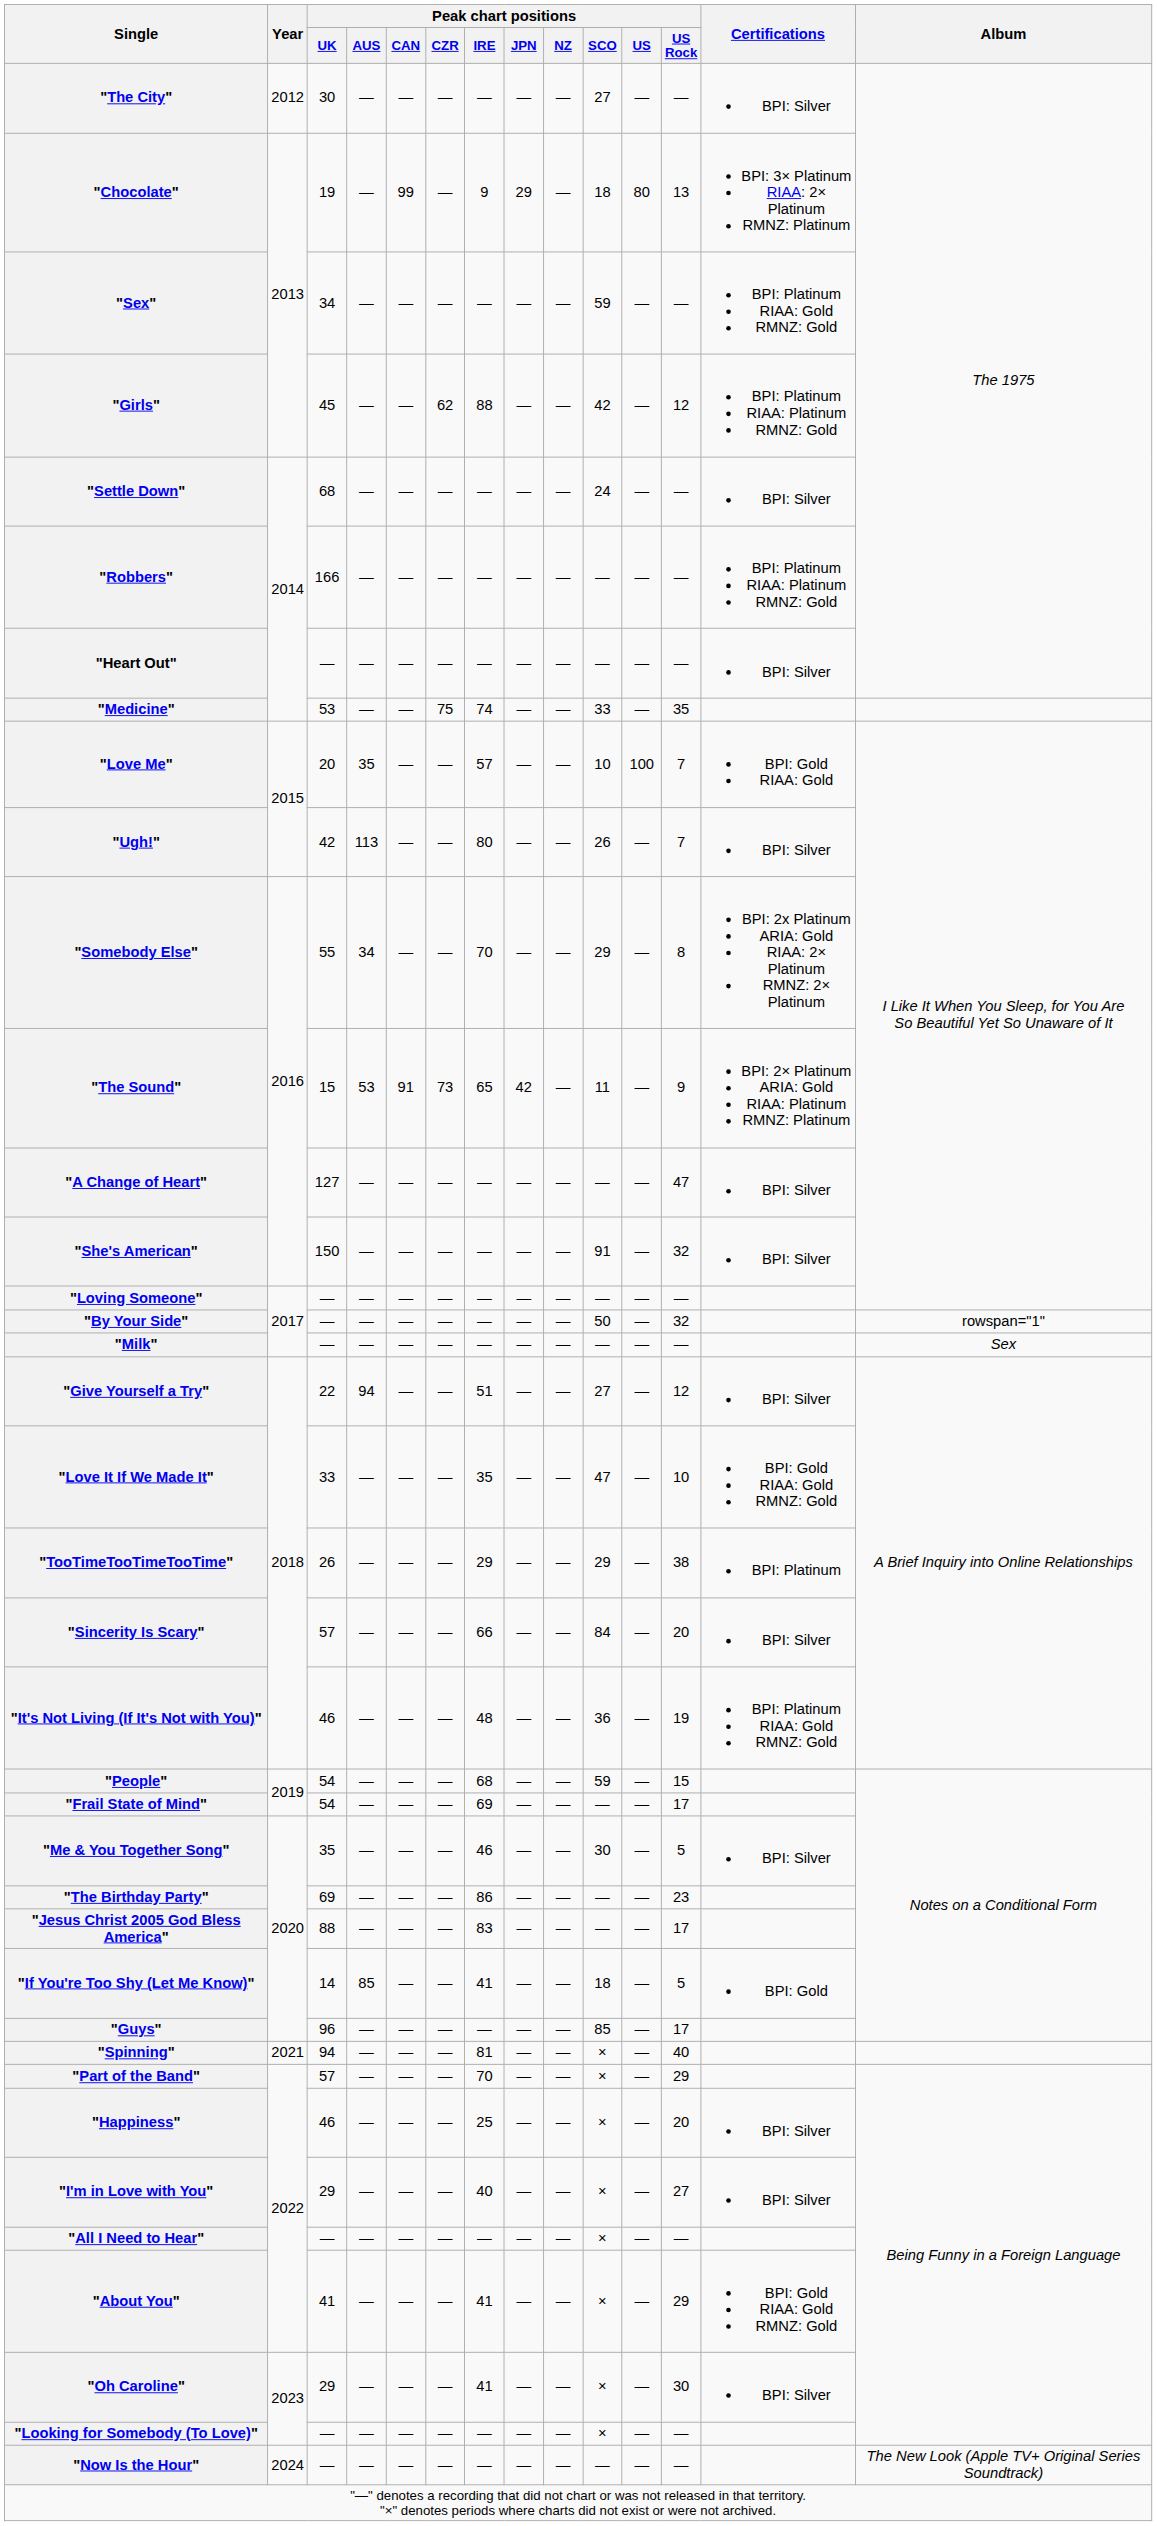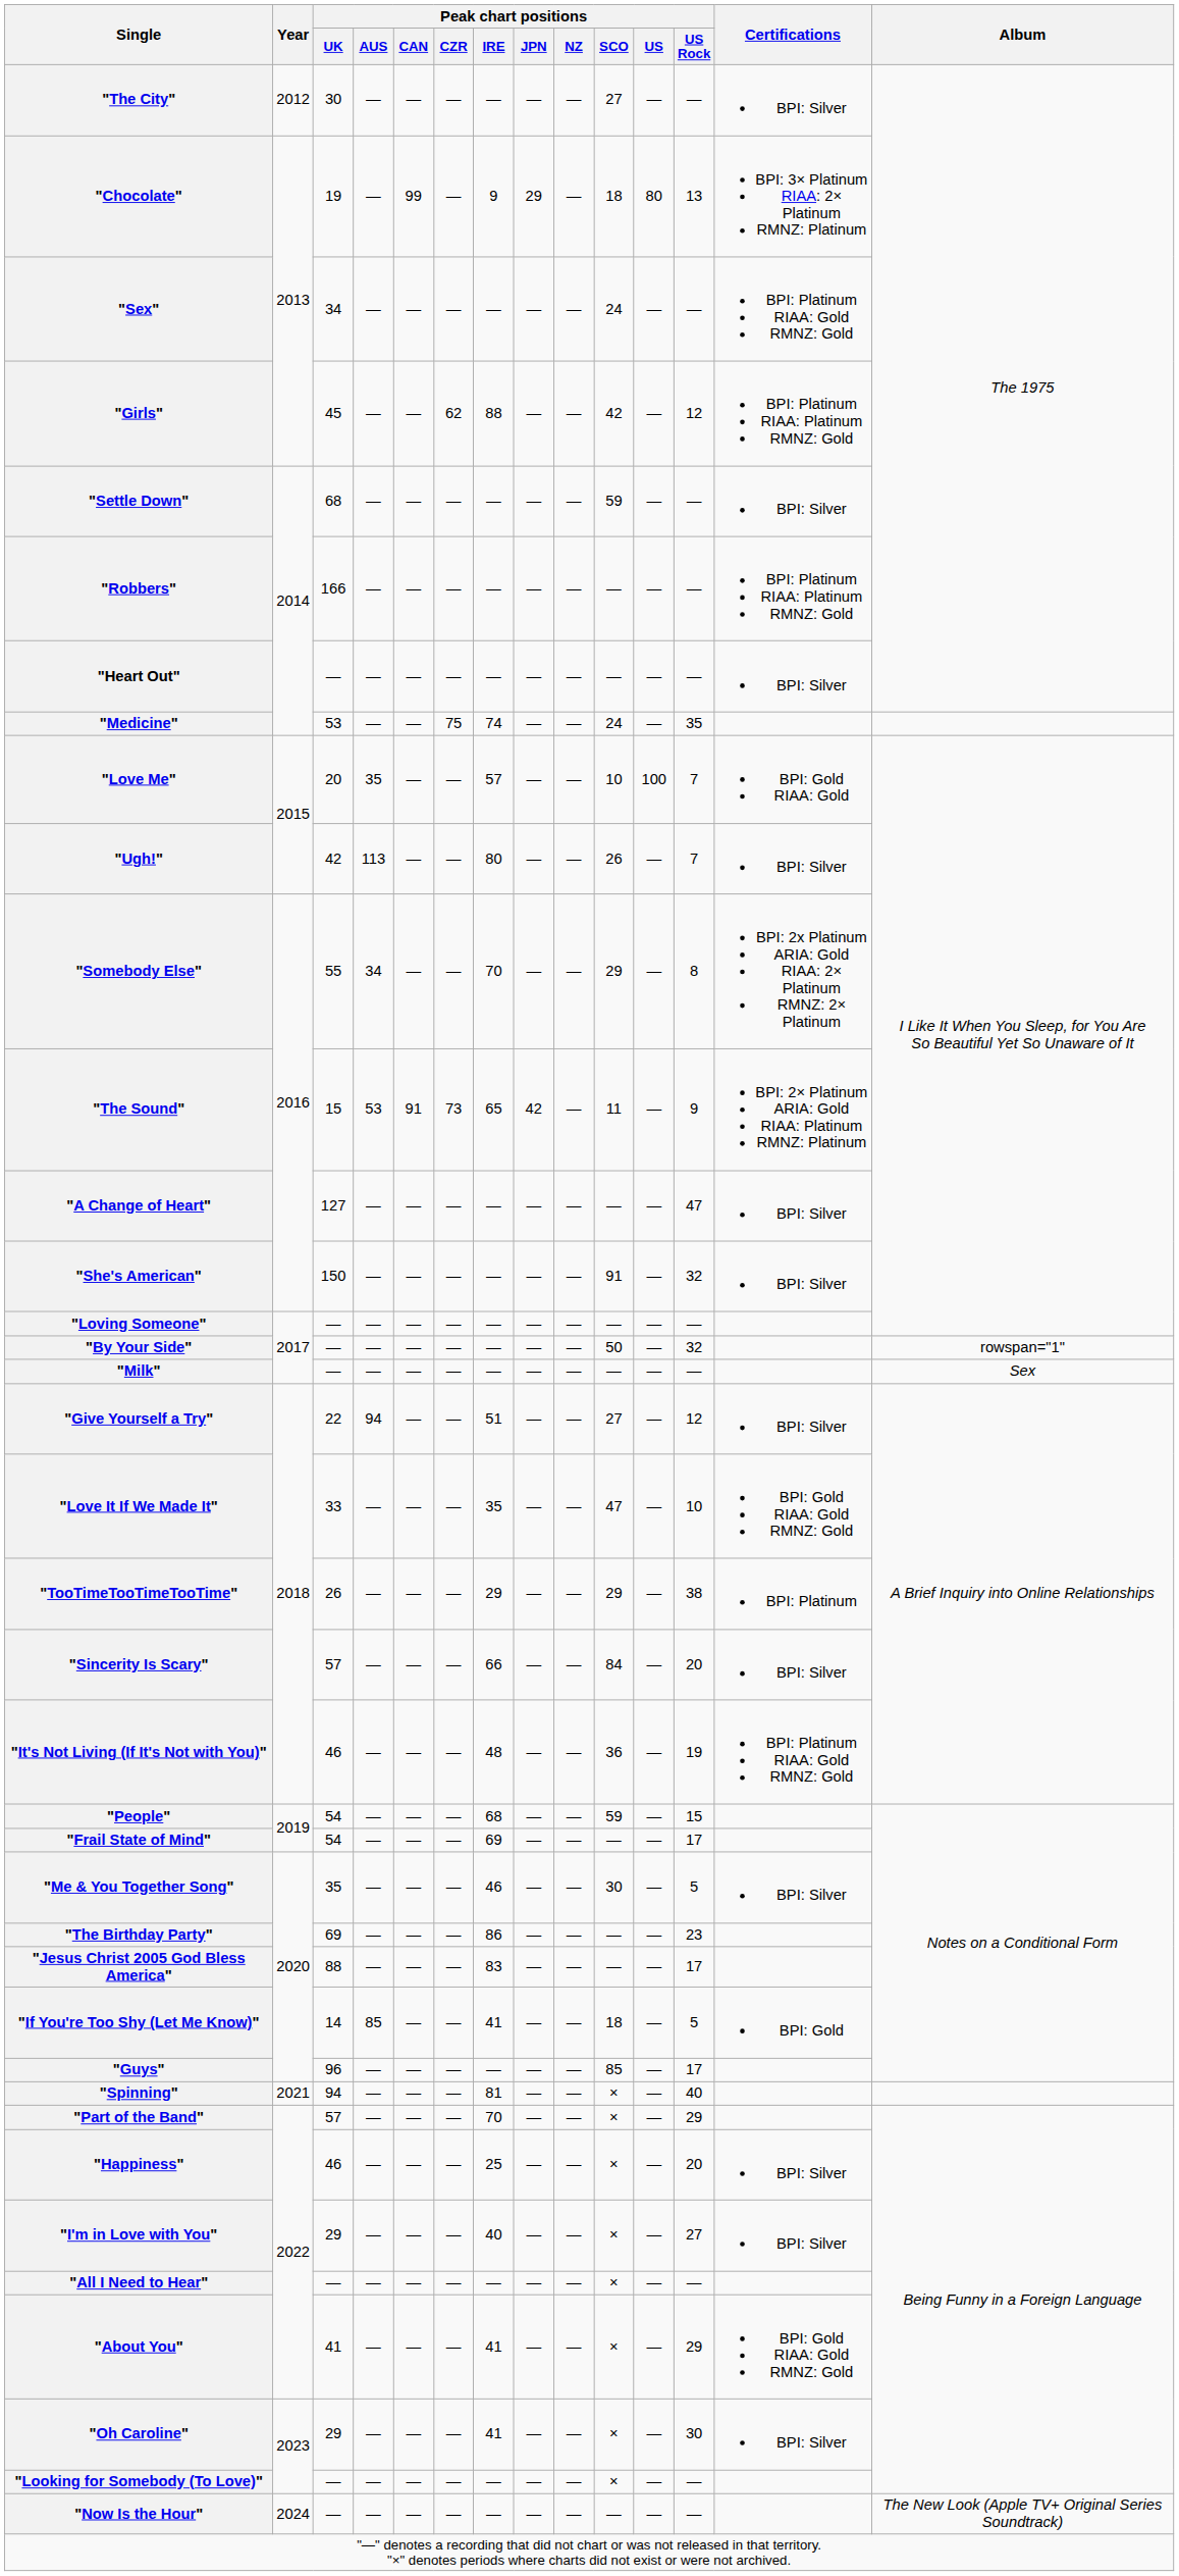 <table class="wikitable plainrowheaders" style="text-align:center;">
 <tr>
 <th scope="col" rowspan="2">Single</th>
 <th scope="col" rowspan="2">Year</th>
 <th scope="col" colspan="10">Peak chart positions</th>
 <th scope="col" rowspan="2"><a href='#'>Certifications</a></th>
 <th scope="col" rowspan="2">Album</th>
 </tr>
 <tr>
 <th scope="col" style="width:2.5em;font-size:90%;"><a href='#'>UK</a><br></th>
 <th scope="col" style="width:2.5em;font-size:90%;"><a href='#'>AUS</a><br></th>
 <th scope="col" style="width:2.5em;font-size:90%;"><a href='#'>CAN</a><br></th>
 <th scope="col" style="width:2.5em;font-size:90%;"><a href='#'>CZR</a><br></th>
 <th scope="col" style="width:2.5em;font-size:90%;"><a href='#'>IRE</a><br></th>
 <th scope="col" style="width:2.5em;font-size:90%;"><a href='#'>JPN</a><br></th>
 <th scope="col" style="width:2.5em;font-size:90%;"><a href='#'>NZ</a><br></th>
 <th scope="col" style="width:2.5em;font-size:90%;"><a href='#'>SCO</a><br></th>
 <th scope="col" style="width:2.5em;font-size:90%;"><a href='#'>US</a><br></th>
 <th scope="col" style="width:2.5em;font-size:90%;"><a href='#'>US<br>Rock</a><br></th>
 </tr>
 <tr>
 <th scope="row">"<a href='#'>The City</a>"</th>
 <td>2012</td>
 <td>30</td>
 <td>—</td>
 <td>—</td>
 <td>—</td>
 <td>—</td>
 <td>—</td>
 <td>—</td>
 <td>27</td>
 <td>—</td>
 <td>—</td>
 <td><br><ul><li>BPI: Silver</li></ul></td>
 <td rowspan="7"><em>The 1975</em></td>
 </tr>
 <tr>
 <th scope="row">"<a href='#'>Chocolate</a>"</th>
 <td rowspan=3>2013</td>
 <td>19</td>
 <td>—</td>
 <td>99</td>
 <td>—</td>
 <td>9</td>
 <td>29</td>
 <td>—</td>
 <td>18</td>
 <td>80</td>
 <td>13</td>
 <td><br><ul><li>BPI: 3× Platinum</li><li><a href='#'>RIAA</a>: 2× Platinum</li><li>RMNZ: Platinum</li></ul></td>
 </tr>
 <tr>
 <th scope="row">"<a href='#'>Sex</a>"</th>
 <td>34</td>
 <td>—</td>
 <td>—</td>
 <td>—</td>
 <td>—</td>
 <td>—</td>
 <td>—</td>
-<td>59</td>
+<td>24</td>
 <td>—</td>
 <td>—</td>
 <td><br><ul><li>BPI: Platinum</li><li>RIAA: Gold</li><li>RMNZ: Gold</li></ul></td>
 </tr>
 <tr>
 <th scope="row">"<a href='#'>Girls</a>"</th>
 <td>45</td>
 <td>—</td>
 <td>—</td>
 <td>62</td>
 <td>88</td>
 <td>—</td>
 <td>—</td>
 <td>42</td>
 <td>—</td>
 <td>12</td>
 <td><br><ul><li>BPI: Platinum</li><li>RIAA: Platinum</li><li>RMNZ: Gold</li></ul></td>
 </tr>
 <tr>
 <th scope="row">"<a href='#'>Settle Down</a>"</th>
 <td rowspan=4>2014</td>
 <td>68</td>
 <td>—</td>
 <td>—</td>
 <td>—</td>
 <td>—</td>
 <td>—</td>
 <td>—</td>
-<td>24</td>
+<td>59</td>
 <td>—</td>
 <td>—</td>
 <td><br><ul><li>BPI: Silver</li></ul></td>
 </tr>
 <tr>
 <th scope="row">"<a href='#'>Robbers</a>"</th>
 <td>166</td>
 <td>—</td>
 <td>—</td>
 <td>—</td>
 <td>—</td>
 <td>—</td>
 <td>—</td>
 <td>—</td>
 <td>—</td>
 <td>—</td>
 <td><br><ul><li>BPI: Platinum</li><li>RIAA: Platinum</li><li>RMNZ: Gold</li></ul></td>
 </tr>
 <tr>
 <th scope="row">"Heart Out"</th>
 <td>—</td>
 <td>—</td>
 <td>—</td>
 <td>—</td>
 <td>—</td>
 <td>—</td>
 <td>—</td>
 <td>—</td>
 <td>—</td>
 <td>—</td>
 <td><br><ul><li>BPI: Silver</li></ul></td>
 </tr>
 <tr>
 <th scope="row">"<a href='#'>Medicine</a>"</th>
 <td>53</td>
 <td>—</td>
 <td>—</td>
 <td>75</td>
 <td>74</td>
 <td>—</td>
 <td>—</td>
-<td>33</td>
+<td>24</td>
 <td>—</td>
 <td>35</td>
 <td></td>
 <td></td>
 </tr>
 <tr>
 <th scope="row">"<a href='#'>Love Me</a>"</th>
 <td rowspan=2>2015</td>
 <td>20</td>
 <td>35</td>
 <td>—</td>
 <td>—</td>
 <td>57</td>
 <td>—</td>
 <td>—</td>
 <td>10</td>
 <td>100</td>
 <td>7</td>
 <td><br><ul><li>BPI: Gold</li><li>RIAA: Gold</li></ul></td>
 <td rowspan="7"><em>I Like It When You Sleep, for You Are<br>So Beautiful Yet So Unaware of It</em></td>
 </tr>
 <tr>
 <th scope="row">"<a href='#'>Ugh!</a>"</th>
 <td>42</td>
 <td>113</td>
 <td>—</td>
 <td>—</td>
 <td>80</td>
 <td>—</td>
 <td>—</td>
 <td>26</td>
 <td>—</td>
 <td>7</td>
 <td><br><ul><li>BPI: Silver</li></ul></td>
 </tr>
 <tr>
 <th scope="row">"<a href='#'>Somebody Else</a>"</th>
 <td rowspan=4>2016</td>
 <td>55</td>
 <td>34</td>
 <td>—</td>
 <td>—</td>
 <td>70</td>
 <td>—</td>
 <td>—</td>
 <td>29</td>
 <td>—</td>
 <td>8</td>
 <td><br><ul><li>BPI: 2x Platinum</li><li>ARIA: Gold</li><li>RIAA: 2× Platinum</li><li>RMNZ: 2× Platinum</li></ul></td>
 </tr>
 <tr>
 <th scope="row">"<a href='#'>The Sound</a>"</th>
 <td>15</td>
 <td>53</td>
 <td>91</td>
 <td>73</td>
 <td>65</td>
 <td>42</td>
 <td>—</td>
 <td>11</td>
 <td>—</td>
 <td>9</td>
 <td><br><ul><li>BPI: 2× Platinum</li><li>ARIA: Gold</li><li>RIAA: Platinum</li><li>RMNZ: Platinum</li></ul></td>
 </tr>
 <tr>
 <th scope="row">"<a href='#'>A Change of Heart</a>"</th>
 <td>127</td>
 <td>—</td>
 <td>—</td>
 <td>—</td>
 <td>—</td>
 <td>—</td>
 <td>—</td>
 <td>—</td>
 <td>—</td>
 <td>47</td>
 <td><br><ul><li>BPI: Silver</li></ul></td>
 </tr>
 <tr>
 <th scope="row">"<a href='#'>She's American</a>"</th>
 <td>150</td>
 <td>—</td>
 <td>—</td>
 <td>—</td>
 <td>—</td>
 <td>—</td>
 <td>—</td>
 <td>91</td>
 <td>—</td>
 <td>32</td>
 <td><br><ul><li>BPI: Silver</li></ul></td>
 </tr>
 <tr>
 <th scope="row">"<a href='#'>Loving Someone</a>"</th>
 <td rowspan=3>2017</td>
 <td>—</td>
 <td>—</td>
 <td>—</td>
 <td>—</td>
 <td>—</td>
 <td>—</td>
 <td>—</td>
 <td>—</td>
 <td>—</td>
 <td>—</td>
 <td></td>
 </tr>
 <tr>
 <th scope="row">"<a href='#'>By Your Side</a>"</th>
 <td>—</td>
 <td>—</td>
 <td>—</td>
 <td>—</td>
 <td>—</td>
 <td>—</td>
 <td>—</td>
 <td>50</td>
 <td>—</td>
 <td>32</td>
 <td></td>
 <td>rowspan="1" </td>
 </tr>
 <tr>
 <th scope="row">"<a href='#'>Milk</a>"</th>
 <td>—</td>
 <td>—</td>
 <td>—</td>
 <td>—</td>
 <td>—</td>
 <td>—</td>
 <td>—</td>
 <td>—</td>
 <td>—</td>
 <td>—</td>
 <td></td>
 <td><em>Sex</em></td>
 </tr>
 <tr>
 <th scope="row">"<a href='#'>Give Yourself a Try</a>"</th>
 <td rowspan="5">2018</td>
 <td>22</td>
 <td>94</td>
 <td>—</td>
 <td>—</td>
 <td>51</td>
 <td>—</td>
 <td>—</td>
 <td>27</td>
 <td>—</td>
 <td>12</td>
 <td><br><ul><li>BPI: Silver</li></ul></td>
 <td rowspan="5"><em>A Brief Inquiry into Online Relationships</em></td>
 </tr>
 <tr>
 <th scope="row">"<a href='#'>Love It If We Made It</a>"</th>
 <td>33</td>
 <td>—</td>
 <td>—</td>
 <td>—</td>
 <td>35</td>
 <td>—</td>
 <td>—</td>
 <td>47</td>
 <td>—</td>
 <td>10</td>
 <td><br><ul><li>BPI: Gold</li><li>RIAA: Gold</li><li>RMNZ: Gold</li></ul></td>
 </tr>
 <tr>
 <th scope="row">"<a href='#'>TooTimeTooTimeTooTime</a>"</th>
 <td>26</td>
 <td>—</td>
 <td>—</td>
 <td>—</td>
 <td>29</td>
 <td>—</td>
 <td>—</td>
 <td>29</td>
 <td>—</td>
 <td>38</td>
 <td><br><ul><li>BPI: Platinum</li></ul></td>
 </tr>
 <tr>
 <th scope="row">"<a href='#'>Sincerity Is Scary</a>"</th>
 <td>57</td>
 <td>—</td>
 <td>—</td>
 <td>—</td>
 <td>66</td>
 <td>—</td>
 <td>—</td>
 <td>84</td>
 <td>—</td>
 <td>20</td>
 <td><br><ul><li>BPI: Silver</li></ul></td>
 </tr>
 <tr>
 <th scope="row">"<a href='#'>It's Not Living (If It's Not with You)</a>"</th>
 <td>46</td>
 <td>—</td>
 <td>—</td>
 <td>—</td>
 <td>48</td>
 <td>—</td>
 <td>—</td>
 <td>36</td>
 <td>—</td>
 <td>19</td>
 <td><br><ul><li>BPI: Platinum</li><li>RIAA: Gold</li><li>RMNZ: Gold</li></ul></td>
 </tr>
 <tr>
 <th scope="row">"<a href='#'>People</a>"</th>
 <td rowspan="2">2019</td>
 <td>54</td>
 <td>—</td>
 <td>—</td>
 <td>—</td>
 <td>68</td>
 <td>—</td>
 <td>—</td>
 <td>59</td>
 <td>—</td>
 <td>15</td>
 <td></td>
 <td rowspan="7"><em>Notes on a Conditional Form</em></td>
 </tr>
 <tr>
 <th scope="row">"<a href='#'>Frail State of Mind</a>"</th>
 <td>54</td>
 <td>—</td>
 <td>—</td>
 <td>—</td>
 <td>69</td>
 <td>—</td>
 <td>—</td>
 <td>—</td>
 <td>—</td>
 <td>17</td>
 <td></td>
 </tr>
 <tr>
 <th scope="row">"<a href='#'>Me & You Together Song</a>"</th>
 <td rowspan="5">2020</td>
 <td>35</td>
 <td>—</td>
 <td>—</td>
 <td>—</td>
 <td>46</td>
 <td>—</td>
 <td>—</td>
 <td>30</td>
 <td>—</td>
 <td>5</td>
 <td><br><ul><li>BPI: Silver</li></ul></td>
 </tr>
 <tr>
 <th scope="row">"<a href='#'>The Birthday Party</a>"</th>
 <td>69</td>
 <td>—</td>
 <td>—</td>
 <td>—</td>
 <td>86</td>
 <td>—</td>
 <td>—</td>
 <td>—</td>
 <td>—</td>
 <td>23</td>
 <td></td>
 </tr>
 <tr>
 <th scope="row">"<a href='#'>Jesus Christ 2005 God Bless America</a>"</th>
 <td>88</td>
 <td>—</td>
 <td>—</td>
 <td>—</td>
 <td>83</td>
 <td>—</td>
 <td>—</td>
 <td>—</td>
 <td>—</td>
 <td>17</td>
 <td></td>
 </tr>
 <tr>
 <th scope="row">"<a href='#'>If You're Too Shy (Let Me Know)</a>"</th>
 <td>14</td>
 <td>85</td>
 <td>—</td>
 <td>—</td>
 <td>41</td>
 <td>—</td>
 <td>—</td>
 <td>18</td>
 <td>—</td>
 <td>5</td>
 <td><br><ul><li>BPI: Gold</li></ul></td>
 </tr>
 <tr>
 <th scope="row">"<a href='#'>Guys</a>"</th>
 <td>96</td>
 <td>—</td>
 <td>—</td>
 <td>—</td>
 <td>—</td>
 <td>—</td>
 <td>—</td>
 <td>85</td>
 <td>—</td>
 <td>17</td>
 </tr>
 <tr>
 <th scope="row">"<a href='#'>Spinning</a>"<br></th>
 <td>2021</td>
 <td>94</td>
 <td>—</td>
 <td>—</td>
 <td>—</td>
 <td>81</td>
 <td>—</td>
 <td>—</td>
 <td>×</td>
 <td>—</td>
 <td>40</td>
 <td></td>
 <td></td>
 </tr>
 <tr>
 <th scope="row">"<a href='#'>Part of the Band</a>"</th>
 <td rowspan="5">2022</td>
 <td>57</td>
 <td>—</td>
 <td>—</td>
 <td>—</td>
 <td>70</td>
 <td>—</td>
 <td>—</td>
 <td>×</td>
 <td>—</td>
 <td>29</td>
 <td></td>
 <td rowspan="7"><em>Being Funny in a Foreign Language</em></td>
 </tr>
 <tr>
 <th scope="row">"<a href='#'>Happiness</a>"</th>
 <td>46</td>
 <td>—</td>
 <td>—</td>
 <td>—</td>
 <td>25</td>
 <td>—</td>
 <td>—</td>
 <td>×</td>
 <td>—</td>
 <td>20</td>
 <td><br><ul><li>BPI: Silver</li></ul></td>
 </tr>
 <tr>
 <th scope="row">"<a href='#'>I'm in Love with You</a>"</th>
 <td>29</td>
 <td>—</td>
 <td>—</td>
 <td>—</td>
 <td>40</td>
 <td>—</td>
 <td>—</td>
 <td>×</td>
 <td>—</td>
 <td>27</td>
 <td><br><ul><li>BPI: Silver</li></ul></td>
 </tr>
 <tr>
 <th scope="row">"<a href='#'>All I Need to Hear</a>"</th>
 <td>—</td>
 <td>—</td>
 <td>—</td>
 <td>—</td>
 <td>—</td>
 <td>—</td>
 <td>—</td>
 <td>×</td>
 <td>—</td>
 <td>—</td>
 <td></td>
 </tr>
 <tr>
 <th scope="row">"<a href='#'>About You</a>"</th>
 <td>41</td>
 <td>—</td>
 <td>—</td>
 <td>—</td>
 <td>41</td>
 <td>—</td>
 <td>—</td>
 <td>×</td>
 <td>—</td>
 <td>29</td>
 <td><br><ul><li>BPI: Gold</li><li>RIAA: Gold</li><li>RMNZ: Gold</li></ul></td>
 </tr>
 <tr>
 <th scope="row">"<a href='#'>Oh Caroline</a>"</th>
 <td rowspan="2">2023</td>
 <td>29</td>
 <td>—</td>
 <td>—</td>
 <td>—</td>
 <td>41</td>
 <td>—</td>
 <td>—</td>
 <td>×</td>
 <td>—</td>
 <td>30</td>
 <td><br><ul><li>BPI: Silver</li></ul></td>
 </tr>
 <tr>
 <th scope="row">"<a href='#'>Looking for Somebody (To Love)</a>"</th>
 <td>—</td>
 <td>—</td>
 <td>—</td>
 <td>—</td>
 <td>—</td>
 <td>—</td>
 <td>—</td>
 <td>×</td>
 <td>—</td>
 <td>—</td>
 <td></td>
 </tr>
 <tr>
 <th scope="row">"<a href='#'>Now Is the Hour</a>"</th>
 <td rowspan=1>2024</td>
 <td>—</td>
 <td>—</td>
 <td>—</td>
 <td>—</td>
 <td>—</td>
 <td>—</td>
 <td>—</td>
 <td>—</td>
 <td>—</td>
 <td>—</td>
 <td></td>
 <td rowspan="1"><em>The New Look (Apple TV+ Original Series Soundtrack)</em></td>
 </tr>
 <tr>
 <td colspan="15" style="font-size:90%">"—" denotes a recording that did not chart or was not released in that territory.<br>"×" denotes periods where charts did not exist or were not archived.</td>
 </tr>
 </table>
